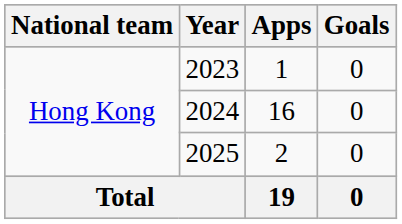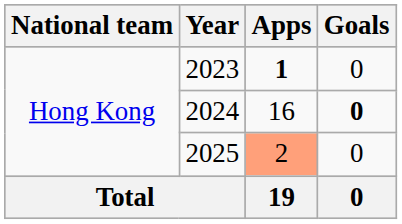 <table class="wikitable" style="text-align:center">
 <tr>
 <th>National team</th>
 <th>Year</th>
 <th>Apps</th>
 <th>Goals</th>
 </tr>
 <tr>
 <td rowspan="3"><a href='#'>Hong Kong</a></td>
 <td>2023</td>
-<td>1</td>
+<td><strong>1</strong></td>
 <td>0</td>
 </tr>
 <tr>
 <td>2024</td>
 <td>16</td>
-<td>0</td>
+<td><strong>0</strong></td>
 </tr>
 <tr>
 <td>2025</td>
-<td>2</td>
+<td style="background: lightsalmon;">2</td>
 <td>0</td>
 </tr>
 <tr>
 <th colspan=2>Total</th>
 <th>19</th>
 <th>0</th>
 </tr>
 </table>
